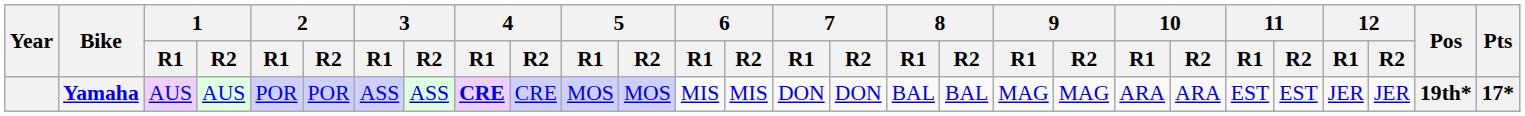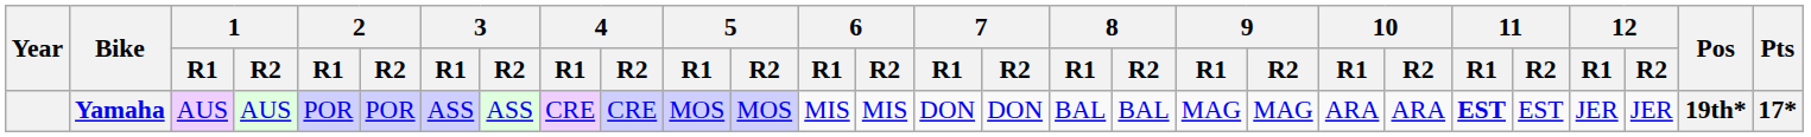 <table class="wikitable" style="text-align:center; font-size:90%;">
 <tr>
 <th rowspan="2">Year</th>
 <th rowspan="2">Bike</th>
 <th colspan="2">1</th>
 <th colspan="2">2</th>
 <th colspan="2">3</th>
 <th colspan="2">4</th>
 <th colspan="2">5</th>
 <th colspan="2">6</th>
 <th colspan="2">7</th>
 <th colspan="2">8</th>
 <th colspan="2">9</th>
 <th colspan="2">10</th>
 <th colspan="2">11</th>
 <th colspan="2">12</th>
 <th rowspan="2">Pos</th>
 <th rowspan="2">Pts</th>
 </tr>
 <tr>
 <th>R1</th>
 <th>R2</th>
 <th>R1</th>
 <th>R2</th>
 <th>R1</th>
 <th>R2</th>
 <th>R1</th>
 <th>R2</th>
 <th>R1</th>
 <th>R2</th>
 <th>R1</th>
 <th>R2</th>
 <th>R1</th>
 <th>R2</th>
 <th>R1</th>
 <th>R2</th>
 <th>R1</th>
 <th>R2</th>
 <th>R1</th>
 <th>R2</th>
 <th>R1</th>
 <th>R2</th>
 <th>R1</th>
 <th>R2</th>
 </tr>
 <tr>
 <th></th>
 <th><a href='#'>Yamaha</a></th>
 <td style="background:#EFCFFF;"><a href='#'>AUS</a><br></td>
 <td style="background:#DFFFDF;"><a href='#'>AUS</a><br></td>
 <td style="background:#CFCFFF;"><a href='#'>POR</a><br></td>
 <td style="background:#CFCFFF;"><a href='#'>POR</a><br></td>
 <td style="background:#CFCFFF;"><a href='#'>ASS</a><br></td>
 <td style="background:#DFFFDF;"><a href='#'>ASS</a><br></td>
-<td style="background:#EFCFFF;"><strong><a href='#'>CRE</a><br></strong></td>
+<td style="background:#EFCFFF;"><a href='#'>CRE</a><br></td>
 <td style="background:#CFCFFF;"><a href='#'>CRE</a><br></td>
 <td style="background:#CFCFFF;"><a href='#'>MOS</a><br></td>
 <td style="background:#CFCFFF;"><a href='#'>MOS</a><br></td>
 <td style="background:#;"><a href='#'>MIS</a><br></td>
 <td style="background:#;"><a href='#'>MIS</a><br></td>
 <td style="background:#;"><a href='#'>DON</a><br></td>
 <td style="background:#;"><a href='#'>DON</a><br></td>
 <td style="background:#;"><a href='#'>BAL</a><br></td>
 <td style="background:#;"><a href='#'>BAL</a><br></td>
 <td style="background:#;"><a href='#'>MAG</a><br></td>
 <td style="background:#;"><a href='#'>MAG</a><br></td>
 <td style="background:#;"><a href='#'>ARA</a><br></td>
 <td style="background:#;"><a href='#'>ARA</a><br></td>
-<td style="background:#;"><a href='#'>EST</a><br></td>
+<td style="background:#;"><strong><a href='#'>EST</a><br></strong></td>
 <td style="background:#;"><a href='#'>EST</a><br></td>
 <td style="background:#;"><a href='#'>JER</a><br></td>
 <td style="background:#;"><a href='#'>JER</a><br></td>
 <th>19th*</th>
 <th>17*</th>
 </tr>
 </table>
